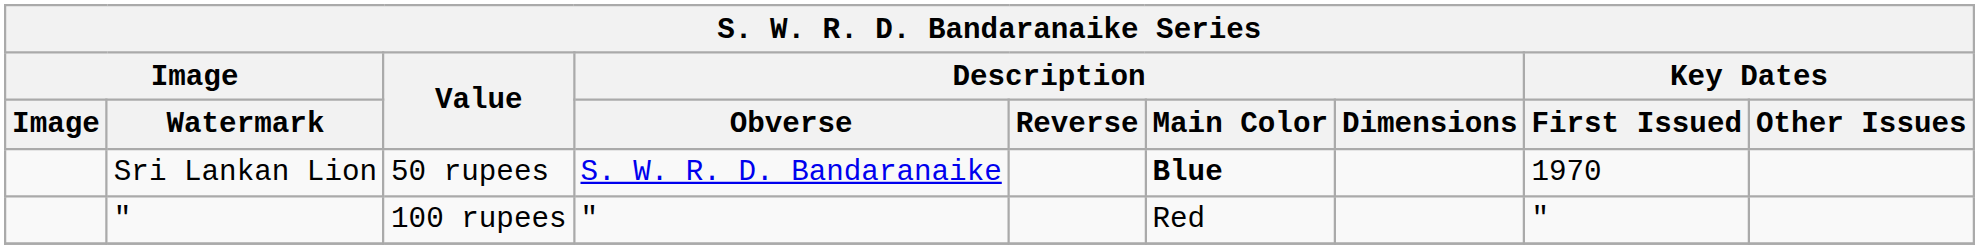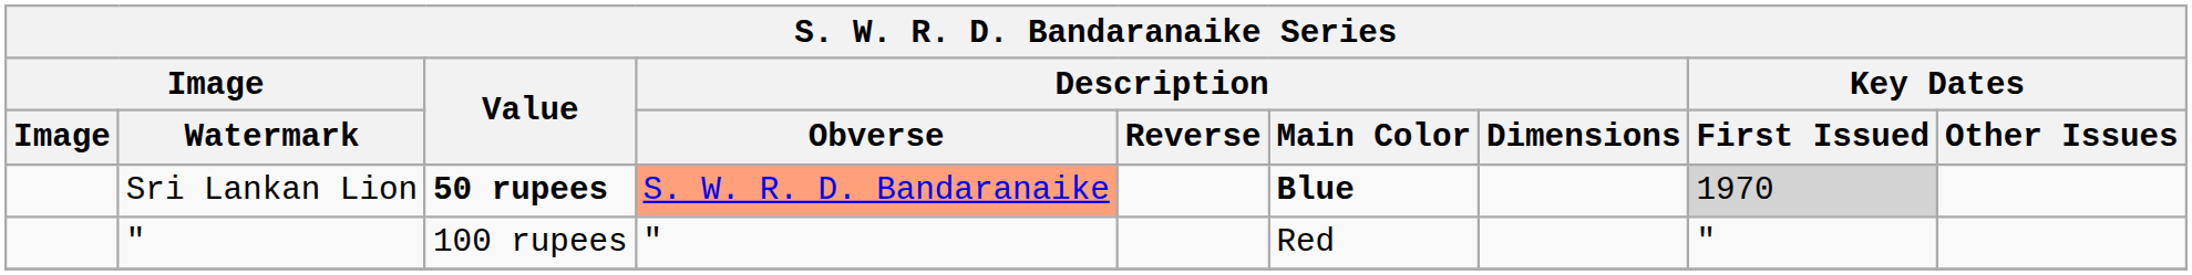 <table class="wikitable" style="font-size: 100%">
 <tr>
 <th colspan="10">S. W. R. D. Bandaranaike Series</th>
 </tr>
 <tr>
 <th colspan="2">Image</th>
 <th rowspan="2">Value</th>
 <th colspan="4">Description</th>
 <th colspan="2">Key Dates</th>
 </tr>
 <tr>
 <th>Image</th>
 <th>Watermark</th>
 <th>Obverse</th>
 <th>Reverse</th>
 <th>Main Color</th>
 <th>Dimensions</th>
 <th>First Issued</th>
 <th>Other Issues</th>
 </tr>
 <tr>
 <td></td>
 <td>Sri Lankan Lion</td>
-<td>50 rupees</td>
-<td><a href='#'>S. W. R. D. Bandaranaike</a></td>
+<td><strong>50 rupees</strong></td>
+<td style="background: lightsalmon;"><a href='#'>S. W. R. D. Bandaranaike</a></td>
 <td></td>
 <td><strong>Blue</strong></td>
 <td></td>
-<td>1970</td>
+<td style="background: lightgrey;">1970</td>
 <td></td>
 </tr>
 <tr>
 <td></td>
 <td>"</td>
 <td>100 rupees</td>
 <td>"</td>
 <td></td>
 <td>Red</td>
 <td></td>
 <td>"</td>
 <td></td>
 </tr>
 <tr>
 </tr>
 </table>
